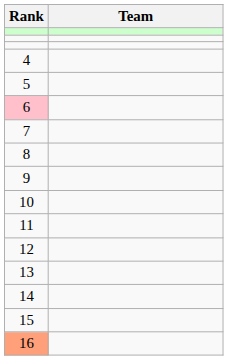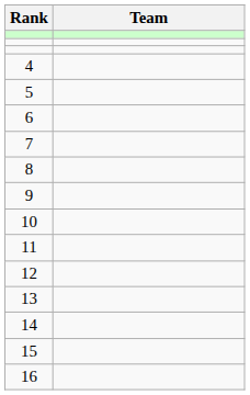 <table class="wikitable" style="text-align: center;">
 <tr>
 <th width=40>Rank</th>
 <th width=180>Team</th>
 </tr>
 <tr bgcolor=#ccffcc>
 <td></td>
 <td align=left></td>
 </tr>
 <tr>
 <td></td>
 <td align=left></td>
 </tr>
 <tr>
 <td></td>
 <td align=left></td>
 </tr>
 <tr>
 <td>4</td>
 <td align=left></td>
 </tr>
 <tr>
 <td>5</td>
 <td align=left></td>
 </tr>
 <tr>
-<td style="background: pink;">6</td>
+<td>6</td>
 <td align=left></td>
 </tr>
 <tr>
 <td>7</td>
 <td align=left></td>
 </tr>
 <tr>
 <td>8</td>
 <td align=left></td>
 </tr>
 <tr>
 <td>9</td>
 <td align=left></td>
 </tr>
 <tr>
 <td>10</td>
 <td align=left></td>
 </tr>
 <tr>
 <td>11</td>
 <td align=left></td>
 </tr>
 <tr>
 <td>12</td>
 <td align=left></td>
 </tr>
 <tr>
 <td>13</td>
 <td align=left></td>
 </tr>
 <tr>
 <td>14</td>
 <td align=left></td>
 </tr>
 <tr>
 <td>15</td>
 <td align=left></td>
 </tr>
 <tr>
-<td style="background: lightsalmon;">16</td>
+<td>16</td>
 <td align=left></td>
 </tr>
 </table>
